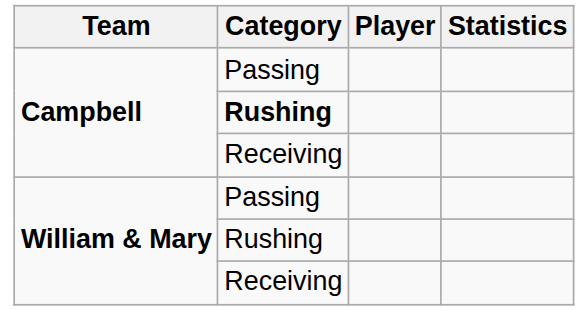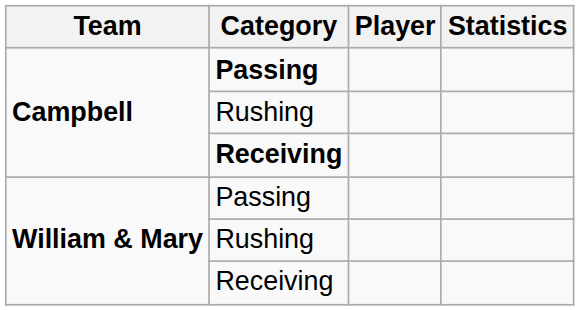 <table class="wikitable" style="float: right;">
 <tr>
 <th>Team</th>
 <th>Category</th>
 <th>Player</th>
 <th>Statistics</th>
 </tr>
 <tr>
 <td rowspan=3><strong>Campbell</strong></td>
-<td>Passing</td>
+<td><strong>Passing</strong></td>
 <td></td>
 <td></td>
 </tr>
 <tr>
-<td><strong>Rushing</strong></td>
+<td>Rushing</td>
 <td></td>
 <td></td>
 </tr>
 <tr>
-<td>Receiving</td>
+<td><strong>Receiving</strong></td>
 <td></td>
 <td></td>
 </tr>
 <tr>
 <td rowspan=3><strong>William & Mary</strong></td>
 <td>Passing</td>
 <td></td>
 <td></td>
 </tr>
 <tr>
 <td>Rushing</td>
 <td></td>
 <td></td>
 </tr>
 <tr>
 <td>Receiving</td>
 <td></td>
 <td></td>
 </tr>
 </table>
